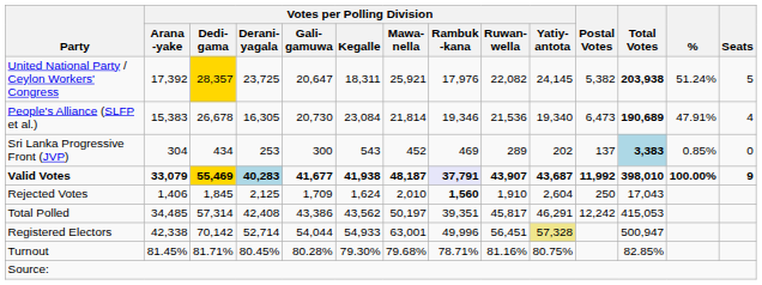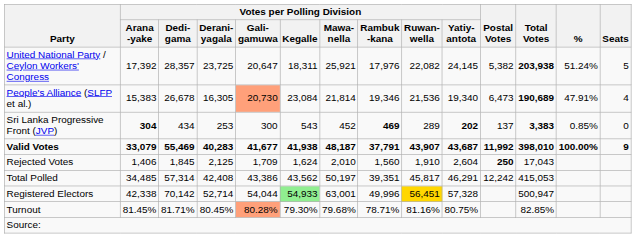 <table class="wikitable" border="1" style="text-align:right;">
 <tr>
 <th align=left valign=bottom rowspan=2 width="180">Party</th>
 <th colspan=9>Votes per Polling Division</th>
 <th align=center valign=bottom rowspan=2 width="50">Postal<br>Votes</th>
 <th align=center valign=bottom rowspan=2 width="50">Total Votes</th>
 <th align=center valign=bottom rowspan=2 width="50">%</th>
 <th align=center valign=bottom rowspan=2 width="40">Seats</th>
 </tr>
 <tr>
 <th align=center valign=bottom width="50">Arana<br>-yake</th>
 <th align=center valign=bottom width="50">Dedi-<br>gama</th>
 <th align=center valign=bottom width="50">Derani-<br>yagala</th>
 <th align=center valign=bottom width="50">Gali-<br>gamuwa</th>
 <th align=center valign=bottom width="50">Kegalle</th>
 <th align=center valign=bottom width="50">Mawa-<br>nella</th>
 <th align=center valign=bottom width="50">Rambuk<br>-kana</th>
 <th align=center valign=bottom width="50">Ruwan-<br>wella</th>
 <th align=center valign=bottom width="50">Yatiy-<br>antota</th>
 </tr>
 <tr>
 <td align=left><a href='#'>United National Party</a> /<br><a href='#'>Ceylon Workers' Congress</a></td>
 <td>17,392</td>
-<td style="background: gold;">28,357</td>
+<td>28,357</td>
 <td>23,725</td>
 <td>20,647</td>
 <td>18,311</td>
 <td>25,921</td>
 <td>17,976</td>
 <td>22,082</td>
 <td>24,145</td>
 <td>5,382</td>
 <td><strong>203,938</strong></td>
 <td>51.24%</td>
 <td>5</td>
 </tr>
 <tr>
 <td align=left><a href='#'>People's Alliance</a> (<a href='#'>SLFP</a> et al.)</td>
 <td>15,383</td>
 <td>26,678</td>
 <td>16,305</td>
-<td>20,730</td>
+<td style="background: lightsalmon;">20,730</td>
 <td>23,084</td>
 <td>21,814</td>
 <td>19,346</td>
 <td>21,536</td>
 <td>19,340</td>
 <td>6,473</td>
 <td><strong>190,689</strong></td>
 <td>47.91%</td>
 <td>4</td>
 </tr>
 <tr>
 <td align=left>Sri Lanka Progressive Front (<a href='#'>JVP</a>)</td>
-<td>304</td>
+<td><strong>304</strong></td>
 <td>434</td>
 <td>253</td>
 <td>300</td>
 <td>543</td>
 <td>452</td>
-<td>469</td>
+<td><strong>469</strong></td>
 <td>289</td>
-<td>202</td>
+<td><strong>202</strong></td>
 <td>137</td>
-<td style="background: lightblue;"><strong>3,383</strong></td>
+<td><strong>3,383</strong></td>
 <td>0.85%</td>
 <td>0</td>
 </tr>
 <tr>
 <td align=left><strong>Valid Votes</strong></td>
 <td><strong>33,079</strong></td>
-<td style="background: gold;"><strong>55,469</strong></td>
-<td style="background: lightblue;"><strong>40,283</strong></td>
+<td><strong>55,469</strong></td>
+<td><strong>40,283</strong></td>
 <td><strong>41,677</strong></td>
 <td><strong>41,938</strong></td>
 <td><strong>48,187</strong></td>
-<td style="background: lavender;"><strong>37,791</strong></td>
+<td><strong>37,791</strong></td>
 <td><strong>43,907</strong></td>
 <td><strong>43,687</strong></td>
 <td><strong>11,992</strong></td>
 <td><strong>398,010</strong></td>
 <td><strong>100.00%</strong></td>
 <td><strong>9</strong></td>
 </tr>
 <tr>
 <td align=left>Rejected Votes</td>
 <td>1,406</td>
 <td>1,845</td>
 <td>2,125</td>
 <td>1,709</td>
 <td>1,624</td>
 <td>2,010</td>
-<td><strong>1,560</strong></td>
+<td>1,560</td>
 <td>1,910</td>
 <td>2,604</td>
-<td>250</td>
+<td><strong>250</strong></td>
 <td>17,043</td>
 <td></td>
 <td></td>
 </tr>
 <tr>
 <td align=left>Total Polled</td>
 <td>34,485</td>
 <td>57,314</td>
 <td>42,408</td>
 <td>43,386</td>
 <td>43,562</td>
 <td>50,197</td>
 <td>39,351</td>
 <td>45,817</td>
 <td>46,291</td>
 <td>12,242</td>
 <td>415,053</td>
 <td></td>
 <td></td>
 </tr>
 <tr>
 <td align=left>Registered Electors</td>
 <td>42,338</td>
 <td>70,142</td>
 <td>52,714</td>
 <td>54,044</td>
-<td>54,933</td>
+<td style="background: lightgreen;">54,933</td>
 <td>63,001</td>
 <td>49,996</td>
-<td>56,451</td>
-<td style="background: khaki;">57,328</td>
+<td style="background: gold;">56,451</td>
+<td>57,328</td>
 <td></td>
 <td>500,947</td>
 <td></td>
 <td></td>
 </tr>
 <tr>
 <td align=left>Turnout</td>
 <td>81.45%</td>
 <td>81.71%</td>
 <td>80.45%</td>
-<td>80.28%</td>
+<td style="background: lightsalmon;">80.28%</td>
 <td>79.30%</td>
 <td>79.68%</td>
 <td>78.71%</td>
 <td>81.16%</td>
 <td>80.75%</td>
 <td></td>
 <td>82.85%</td>
 <td></td>
 <td></td>
 </tr>
 <tr>
 <td align=left colspan=15>Source:</td>
 </tr>
 </table>
